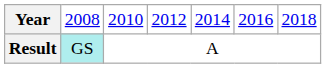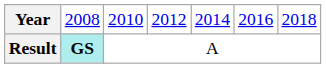 <table class="wikitable" style="text-align:center; font-size:90%; background:white">
 <tr>
 <th>Year</th>
 <td><a href='#'>2008</a></td>
 <td><a href='#'>2010</a></td>
 <td><a href='#'>2012</a></td>
 <td><a href='#'>2014</a></td>
 <td><a href='#'>2016</a></td>
 <td><a href='#'>2018</a></td>
 </tr>
 <tr>
 <th>Result</th>
-<td bgcolor="afeeee">GS</td>
+<td bgcolor="afeeee"><strong>GS</strong></td>
 <td colspan="5">A</td>
 </tr>
 </table>
